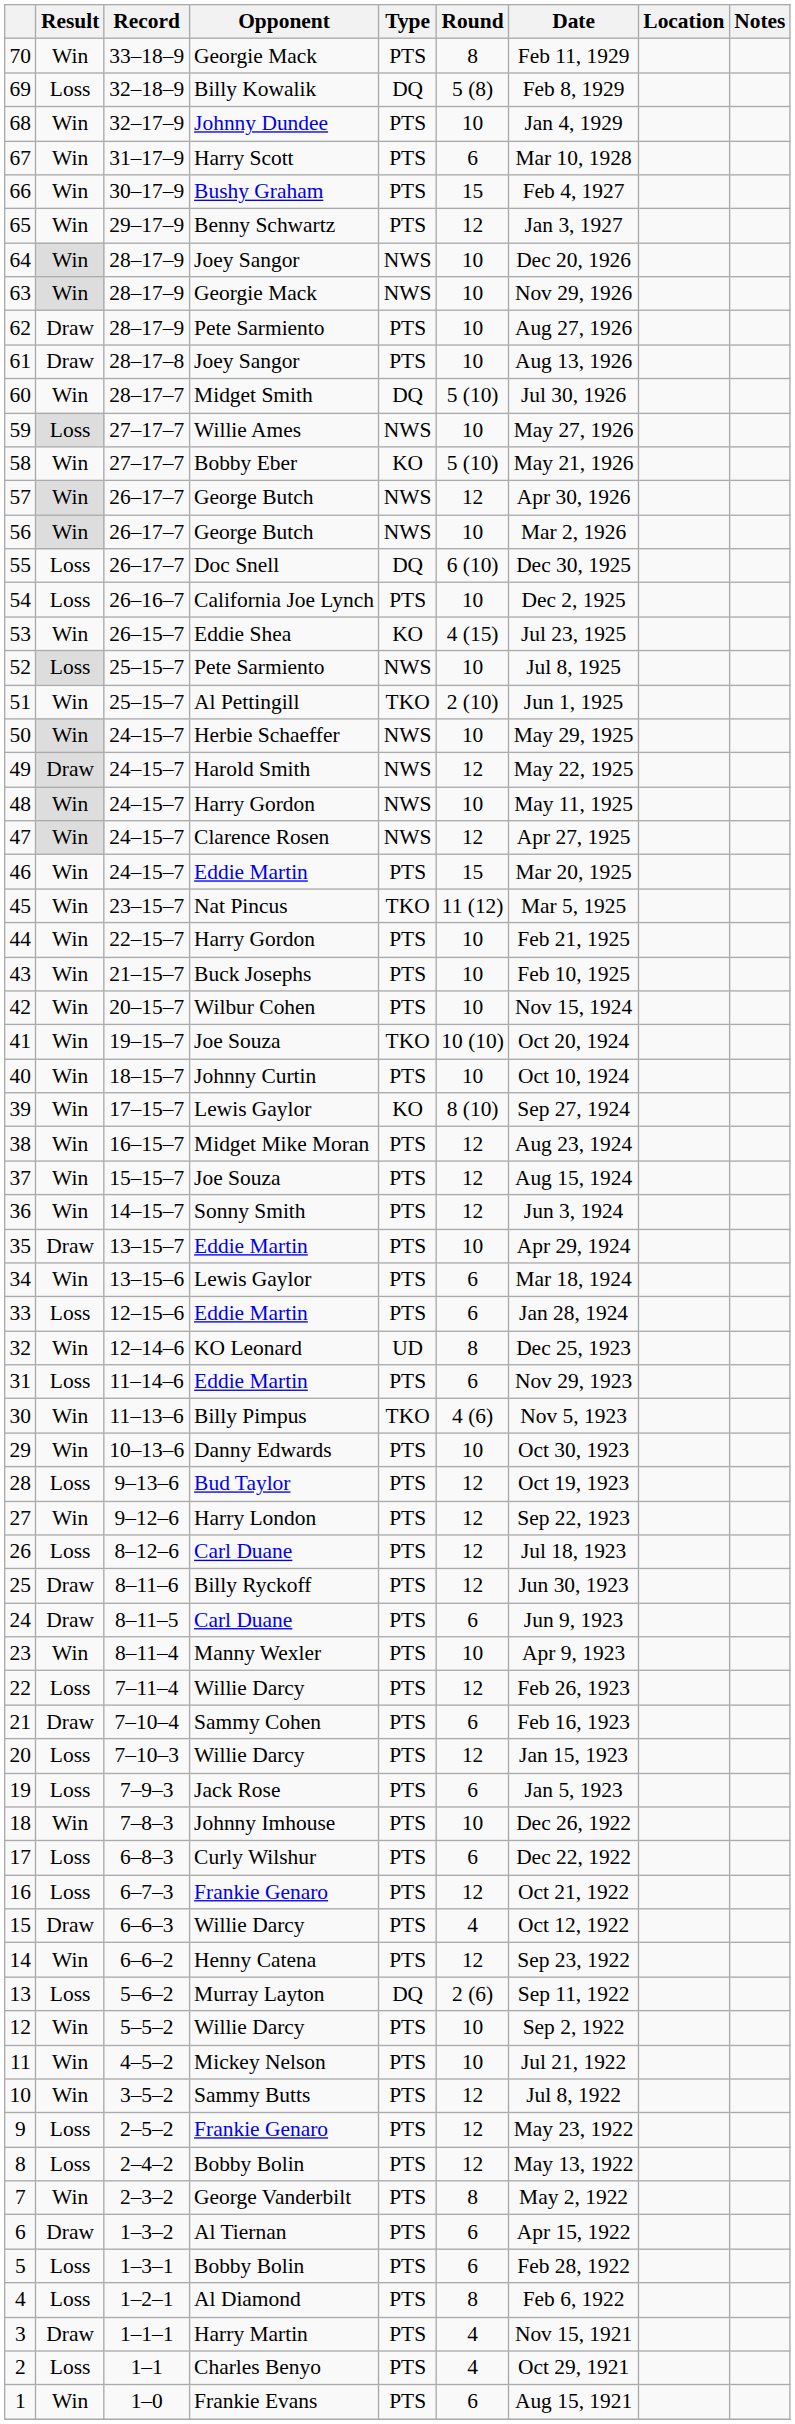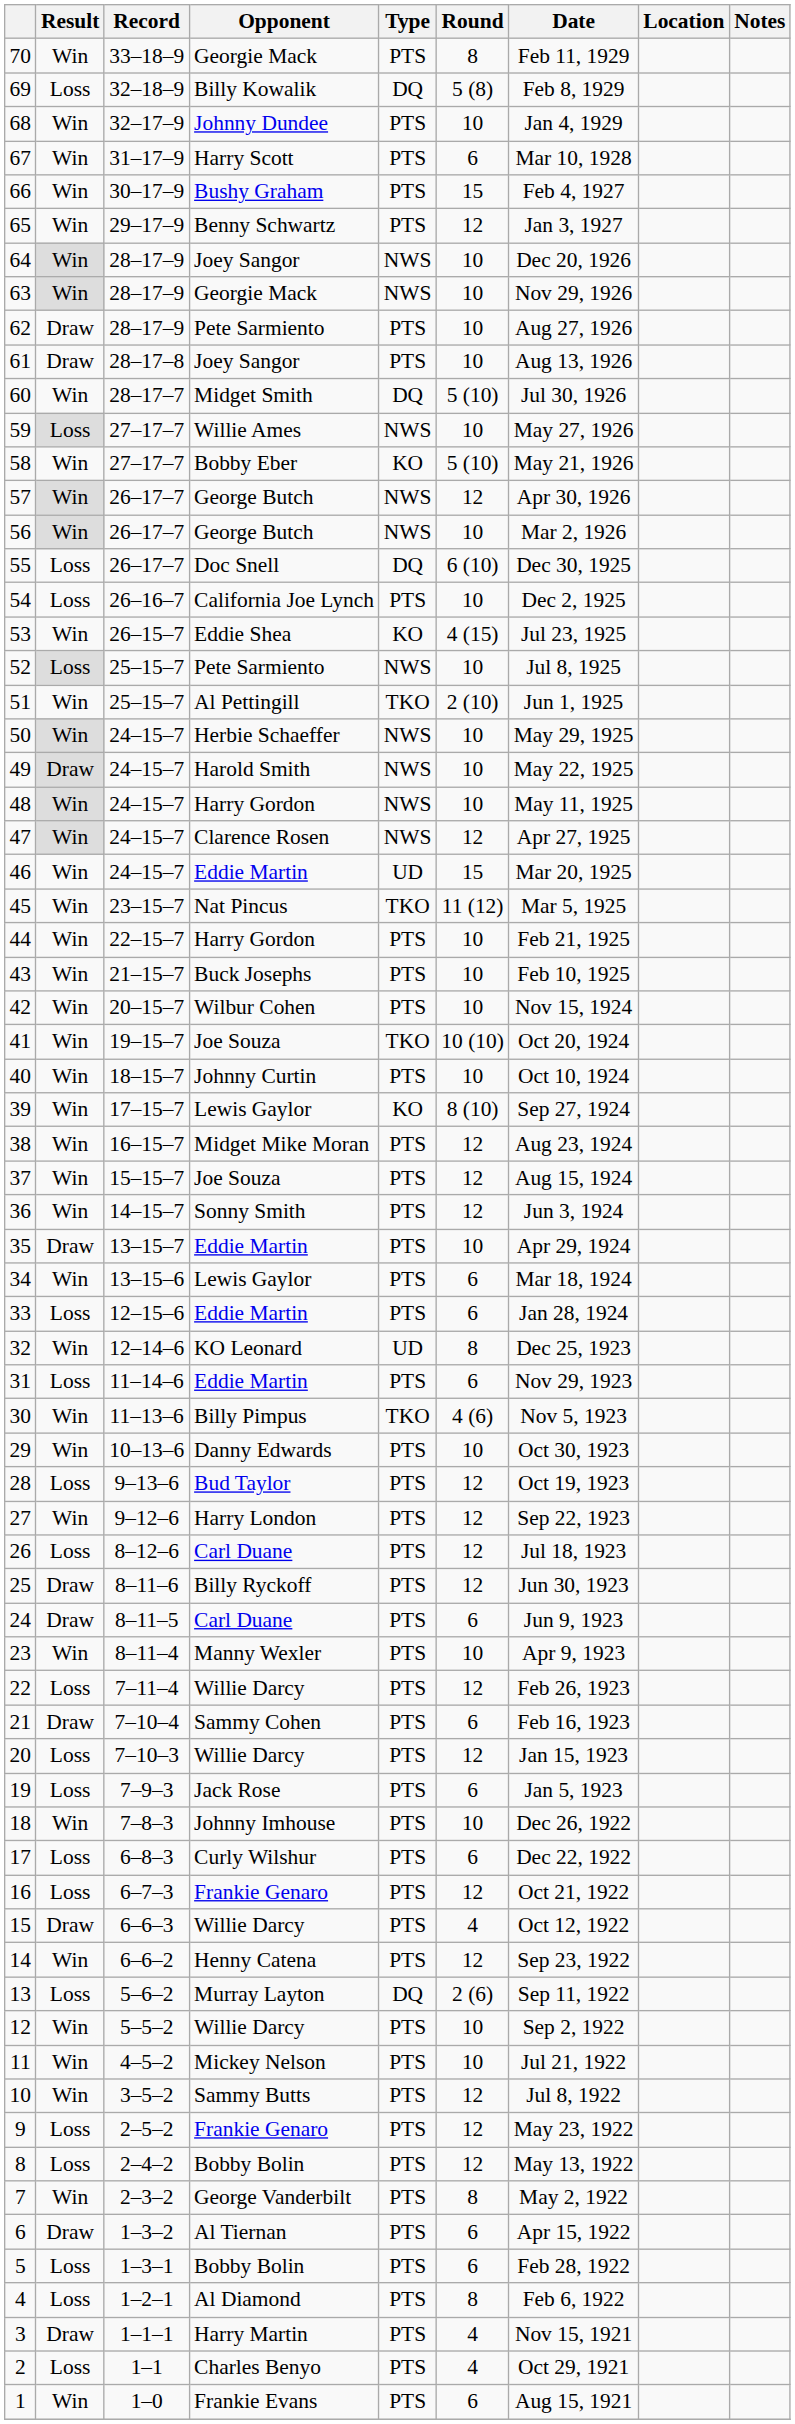 <table class="wikitable mw-collapsible mw-collapsed" style="text-align:center">
 <tr>
 <th></th>
 <th>Result</th>
 <th>Record</th>
 <th>Opponent</th>
 <th>Type</th>
 <th>Round</th>
 <th>Date</th>
 <th>Location</th>
 <th>Notes</th>
 </tr>
 <tr>
 <td>70</td>
 <td>Win</td>
 <td>33–18–9 </td>
 <td align=left>Georgie Mack</td>
 <td>PTS</td>
 <td>8</td>
 <td>Feb 11, 1929</td>
 <td style="text-align:left;"></td>
 <td></td>
 </tr>
 <tr>
 <td>69</td>
 <td>Loss</td>
 <td>32–18–9 </td>
 <td align=left>Billy Kowalik</td>
 <td>DQ</td>
 <td>5 (8)</td>
 <td>Feb 8, 1929</td>
 <td style="text-align:left;"></td>
 <td style="text-align:left;"></td>
 </tr>
 <tr>
 <td>68</td>
 <td>Win</td>
 <td>32–17–9 </td>
 <td align=left><a href='#'>Johnny Dundee</a></td>
 <td>PTS</td>
 <td>10</td>
 <td>Jan 4, 1929</td>
 <td style="text-align:left;"></td>
 <td></td>
 </tr>
 <tr>
 <td>67</td>
 <td>Win</td>
 <td>31–17–9 </td>
 <td align=left>Harry Scott</td>
 <td>PTS</td>
 <td>6</td>
 <td>Mar 10, 1928</td>
 <td style="text-align:left;"></td>
 <td></td>
 </tr>
 <tr>
 <td>66</td>
 <td>Win</td>
 <td>30–17–9 </td>
 <td align=left><a href='#'>Bushy Graham</a></td>
 <td>PTS</td>
 <td>15</td>
 <td>Feb 4, 1927</td>
 <td style="text-align:left;"></td>
 <td style="text-align:left;"></td>
 </tr>
 <tr>
 <td>65</td>
 <td>Win</td>
 <td>29–17–9 </td>
 <td align=left>Benny Schwartz</td>
 <td>PTS</td>
 <td>12</td>
 <td>Jan 3, 1927</td>
 <td style="text-align:left;"></td>
 <td></td>
 </tr>
 <tr>
 <td>64</td>
 <td style="background:#DDD">Win</td>
 <td>28–17–9 </td>
 <td align=left>Joey Sangor</td>
 <td>NWS</td>
 <td>10</td>
 <td>Dec 20, 1926</td>
 <td style="text-align:left;"></td>
 <td></td>
 </tr>
 <tr>
 <td>63</td>
 <td style="background:#DDD">Win</td>
 <td>28–17–9 </td>
 <td align=left>Georgie Mack</td>
 <td>NWS</td>
 <td>10</td>
 <td>Nov 29, 1926</td>
 <td style="text-align:left;"></td>
 <td></td>
 </tr>
 <tr>
 <td>62</td>
 <td>Draw</td>
 <td>28–17–9 </td>
 <td align=left>Pete Sarmiento</td>
 <td>PTS</td>
 <td>10</td>
 <td>Aug 27, 1926</td>
 <td style="text-align:left;"></td>
 <td></td>
 </tr>
 <tr>
 <td>61</td>
 <td>Draw</td>
 <td>28–17–8 </td>
 <td align=left>Joey Sangor</td>
 <td>PTS</td>
 <td>10</td>
 <td>Aug 13, 1926</td>
 <td style="text-align:left;"></td>
 <td></td>
 </tr>
 <tr>
 <td>60</td>
 <td>Win</td>
 <td>28–17–7 </td>
 <td align=left>Midget Smith</td>
 <td>DQ</td>
 <td>5 (10)</td>
 <td>Jul 30, 1926</td>
 <td style="text-align:left;"></td>
 <td></td>
 </tr>
 <tr>
 <td>59</td>
 <td style="background:#DDD">Loss</td>
 <td>27–17–7 </td>
 <td align=left>Willie Ames</td>
 <td>NWS</td>
 <td>10</td>
 <td>May 27, 1926</td>
 <td style="text-align:left;"></td>
 <td></td>
 </tr>
 <tr>
 <td>58</td>
 <td>Win</td>
 <td>27–17–7 </td>
 <td align=left>Bobby Eber</td>
 <td>KO</td>
 <td>5 (10)</td>
 <td>May 21, 1926</td>
 <td style="text-align:left;"></td>
 <td></td>
 </tr>
 <tr>
 <td>57</td>
 <td style="background:#DDD">Win</td>
 <td>26–17–7 </td>
 <td align=left>George Butch</td>
 <td>NWS</td>
 <td>12</td>
 <td>Apr 30, 1926</td>
 <td style="text-align:left;"></td>
 <td></td>
 </tr>
 <tr>
 <td>56</td>
 <td style="background:#DDD">Win</td>
 <td>26–17–7 </td>
 <td align=left>George Butch</td>
 <td>NWS</td>
 <td>10</td>
 <td>Mar 2, 1926</td>
 <td style="text-align:left;"></td>
 <td></td>
 </tr>
 <tr>
 <td>55</td>
 <td>Loss</td>
 <td>26–17–7 </td>
 <td align=left>Doc Snell</td>
 <td>DQ</td>
 <td>6 (10)</td>
 <td>Dec 30, 1925</td>
 <td style="text-align:left;"></td>
 <td></td>
 </tr>
 <tr>
 <td>54</td>
 <td>Loss</td>
 <td>26–16–7 </td>
 <td align=left>California Joe Lynch</td>
 <td>PTS</td>
 <td>10</td>
 <td>Dec 2, 1925</td>
 <td style="text-align:left;"></td>
 <td></td>
 </tr>
 <tr>
 <td>53</td>
 <td>Win</td>
 <td>26–15–7 </td>
 <td align=left>Eddie Shea</td>
 <td>KO</td>
 <td>4 (15)</td>
 <td>Jul 23, 1925</td>
 <td style="text-align:left;"></td>
 <td style="text-align:left;"></td>
 </tr>
 <tr>
 <td>52</td>
 <td style="background:#DDD">Loss</td>
 <td>25–15–7 </td>
 <td align=left>Pete Sarmiento</td>
 <td>NWS</td>
 <td>10</td>
 <td>Jul 8, 1925</td>
 <td style="text-align:left;"></td>
 <td></td>
 </tr>
 <tr>
 <td>51</td>
 <td>Win</td>
 <td>25–15–7 </td>
 <td align=left>Al Pettingill</td>
 <td>TKO</td>
 <td>2 (10)</td>
 <td>Jun 1, 1925</td>
 <td style="text-align:left;"></td>
 <td></td>
 </tr>
 <tr>
 <td>50</td>
 <td style="background:#DDD">Win</td>
 <td>24–15–7 </td>
 <td align=left>Herbie Schaeffer</td>
 <td>NWS</td>
 <td>10</td>
 <td>May 29, 1925</td>
 <td style="text-align:left;"></td>
 <td></td>
 </tr>
 <tr>
 <td>49</td>
 <td style="background:#DDD">Draw</td>
 <td>24–15–7 </td>
 <td align=left>Harold Smith</td>
 <td>NWS</td>
-<td>12</td>
+<td>10</td>
 <td>May 22, 1925</td>
 <td style="text-align:left;"></td>
 <td></td>
 </tr>
 <tr>
 <td>48</td>
 <td style="background:#DDD">Win</td>
 <td>24–15–7 </td>
 <td align=left>Harry Gordon</td>
 <td>NWS</td>
 <td>10</td>
 <td>May 11, 1925</td>
 <td style="text-align:left;"></td>
 <td></td>
 </tr>
 <tr>
 <td>47</td>
 <td style="background:#DDD">Win</td>
 <td>24–15–7 </td>
 <td align=left>Clarence Rosen</td>
 <td>NWS</td>
 <td>12</td>
 <td>Apr 27, 1925</td>
 <td style="text-align:left;"></td>
 <td></td>
 </tr>
 <tr>
 <td>46</td>
 <td>Win</td>
 <td>24–15–7</td>
 <td align=left><a href='#'>Eddie Martin</a></td>
-<td>PTS</td>
+<td>UD</td>
 <td>15</td>
 <td>Mar 20, 1925</td>
 <td style="text-align:left;"></td>
 <td style="text-align:left;"></td>
 </tr>
 <tr>
 <td>45</td>
 <td>Win</td>
 <td>23–15–7</td>
 <td align=left>Nat Pincus</td>
 <td>TKO</td>
 <td>11 (12)</td>
 <td>Mar 5, 1925</td>
 <td style="text-align:left;"></td>
 <td></td>
 </tr>
 <tr>
 <td>44</td>
 <td>Win</td>
 <td>22–15–7</td>
 <td align=left>Harry Gordon</td>
 <td>PTS</td>
 <td>10</td>
 <td>Feb 21, 1925</td>
 <td style="text-align:left;"></td>
 <td></td>
 </tr>
 <tr>
 <td>43</td>
 <td>Win</td>
 <td>21–15–7</td>
 <td align=left>Buck Josephs</td>
 <td>PTS</td>
 <td>10</td>
 <td>Feb 10, 1925</td>
 <td style="text-align:left;"></td>
 <td></td>
 </tr>
 <tr>
 <td>42</td>
 <td>Win</td>
 <td>20–15–7</td>
 <td align=left>Wilbur Cohen</td>
 <td>PTS</td>
 <td>10</td>
 <td>Nov 15, 1924</td>
 <td style="text-align:left;"></td>
 <td></td>
 </tr>
 <tr>
 <td>41</td>
 <td>Win</td>
 <td>19–15–7</td>
 <td align=left>Joe Souza</td>
 <td>TKO</td>
 <td>10 (10)</td>
 <td>Oct 20, 1924</td>
 <td style="text-align:left;"></td>
 <td></td>
 </tr>
 <tr>
 <td>40</td>
 <td>Win</td>
 <td>18–15–7</td>
 <td align=left>Johnny Curtin</td>
 <td>PTS</td>
 <td>10</td>
 <td>Oct 10, 1924</td>
 <td style="text-align:left;"></td>
 <td></td>
 </tr>
 <tr>
 <td>39</td>
 <td>Win</td>
 <td>17–15–7</td>
 <td align=left>Lewis Gaylor</td>
 <td>KO</td>
 <td>8 (10)</td>
 <td>Sep 27, 1924</td>
 <td style="text-align:left;"></td>
 <td></td>
 </tr>
 <tr>
 <td>38</td>
 <td>Win</td>
 <td>16–15–7</td>
 <td align=left>Midget Mike Moran</td>
 <td>PTS</td>
 <td>12</td>
 <td>Aug 23, 1924</td>
 <td style="text-align:left;"></td>
 <td></td>
 </tr>
 <tr>
 <td>37</td>
 <td>Win</td>
 <td>15–15–7</td>
 <td align=left>Joe Souza</td>
 <td>PTS</td>
 <td>12</td>
 <td>Aug 15, 1924</td>
 <td style="text-align:left;"></td>
 <td></td>
 </tr>
 <tr>
 <td>36</td>
 <td>Win</td>
 <td>14–15–7</td>
 <td align=left>Sonny Smith</td>
 <td>PTS</td>
 <td>12</td>
 <td>Jun 3, 1924</td>
 <td style="text-align:left;"></td>
 <td></td>
 </tr>
 <tr>
 <td>35</td>
 <td>Draw</td>
 <td>13–15–7</td>
 <td align=left><a href='#'>Eddie Martin</a></td>
 <td>PTS</td>
 <td>10</td>
 <td>Apr 29, 1924</td>
 <td style="text-align:left;"></td>
 <td></td>
 </tr>
 <tr>
 <td>34</td>
 <td>Win</td>
 <td>13–15–6</td>
 <td align=left>Lewis Gaylor</td>
 <td>PTS</td>
 <td>6</td>
 <td>Mar 18, 1924</td>
 <td style="text-align:left;"></td>
 <td></td>
 </tr>
 <tr>
 <td>33</td>
 <td>Loss</td>
 <td>12–15–6</td>
 <td align=left><a href='#'>Eddie Martin</a></td>
 <td>PTS</td>
 <td>6</td>
 <td>Jan 28, 1924</td>
 <td style="text-align:left;"></td>
 <td></td>
 </tr>
 <tr>
 <td>32</td>
 <td>Win</td>
 <td>12–14–6</td>
 <td align=left>KO Leonard</td>
 <td>UD</td>
 <td>8</td>
 <td>Dec 25, 1923</td>
 <td style="text-align:left;"></td>
 <td></td>
 </tr>
 <tr>
 <td>31</td>
 <td>Loss</td>
 <td>11–14–6</td>
 <td align=left><a href='#'>Eddie Martin</a></td>
 <td>PTS</td>
 <td>6</td>
 <td>Nov 29, 1923</td>
 <td style="text-align:left;"></td>
 <td></td>
 </tr>
 <tr>
 <td>30</td>
 <td>Win</td>
 <td>11–13–6</td>
 <td align=left>Billy Pimpus</td>
 <td>TKO</td>
 <td>4 (6)</td>
 <td>Nov 5, 1923</td>
 <td style="text-align:left;"></td>
 <td></td>
 </tr>
 <tr>
 <td>29</td>
 <td>Win</td>
 <td>10–13–6</td>
 <td align=left>Danny Edwards</td>
 <td>PTS</td>
 <td>10</td>
 <td>Oct 30, 1923</td>
 <td style="text-align:left;"></td>
 <td></td>
 </tr>
 <tr>
 <td>28</td>
 <td>Loss</td>
 <td>9–13–6</td>
 <td align=left><a href='#'>Bud Taylor</a></td>
 <td>PTS</td>
 <td>12</td>
 <td>Oct 19, 1923</td>
 <td style="text-align:left;"></td>
 <td></td>
 </tr>
 <tr>
 <td>27</td>
 <td>Win</td>
 <td>9–12–6</td>
 <td align=left>Harry London</td>
 <td>PTS</td>
 <td>12</td>
 <td>Sep 22, 1923</td>
 <td style="text-align:left;"></td>
 <td></td>
 </tr>
 <tr>
 <td>26</td>
 <td>Loss</td>
 <td>8–12–6</td>
 <td align=left><a href='#'>Carl Duane</a></td>
 <td>PTS</td>
 <td>12</td>
 <td>Jul 18, 1923</td>
 <td style="text-align:left;"></td>
 <td></td>
 </tr>
 <tr>
 <td>25</td>
 <td>Draw</td>
 <td>8–11–6</td>
 <td align=left>Billy Ryckoff</td>
 <td>PTS</td>
 <td>12</td>
 <td>Jun 30, 1923</td>
 <td style="text-align:left;"></td>
 <td></td>
 </tr>
 <tr>
 <td>24</td>
 <td>Draw</td>
 <td>8–11–5</td>
 <td align=left><a href='#'>Carl Duane</a></td>
 <td>PTS</td>
 <td>6</td>
 <td>Jun 9, 1923</td>
 <td style="text-align:left;"></td>
 <td></td>
 </tr>
 <tr>
 <td>23</td>
 <td>Win</td>
 <td>8–11–4</td>
 <td align=left>Manny Wexler</td>
 <td>PTS</td>
 <td>10</td>
 <td>Apr 9, 1923</td>
 <td style="text-align:left;"></td>
 <td></td>
 </tr>
 <tr>
 <td>22</td>
 <td>Loss</td>
 <td>7–11–4</td>
 <td align=left>Willie Darcy</td>
 <td>PTS</td>
 <td>12</td>
 <td>Feb 26, 1923</td>
 <td style="text-align:left;"></td>
 <td></td>
 </tr>
 <tr>
 <td>21</td>
 <td>Draw</td>
 <td>7–10–4</td>
 <td align=left>Sammy Cohen</td>
 <td>PTS</td>
 <td>6</td>
 <td>Feb 16, 1923</td>
 <td style="text-align:left;"></td>
 <td></td>
 </tr>
 <tr>
 <td>20</td>
 <td>Loss</td>
 <td>7–10–3</td>
 <td align=left>Willie Darcy</td>
 <td>PTS</td>
 <td>12</td>
 <td>Jan 15, 1923</td>
 <td style="text-align:left;"></td>
 <td></td>
 </tr>
 <tr>
 <td>19</td>
 <td>Loss</td>
 <td>7–9–3</td>
 <td align=left>Jack Rose</td>
 <td>PTS</td>
 <td>6</td>
 <td>Jan 5, 1923</td>
 <td style="text-align:left;"></td>
 <td></td>
 </tr>
 <tr>
 <td>18</td>
 <td>Win</td>
 <td>7–8–3</td>
 <td align=left>Johnny Imhouse</td>
 <td>PTS</td>
 <td>10</td>
 <td>Dec 26, 1922</td>
 <td style="text-align:left;"></td>
 <td></td>
 </tr>
 <tr>
 <td>17</td>
 <td>Loss</td>
 <td>6–8–3</td>
 <td align=left>Curly Wilshur</td>
 <td>PTS</td>
 <td>6</td>
 <td>Dec 22, 1922</td>
 <td style="text-align:left;"></td>
 <td></td>
 </tr>
 <tr>
 <td>16</td>
 <td>Loss</td>
 <td>6–7–3</td>
 <td align=left><a href='#'>Frankie Genaro</a></td>
 <td>PTS</td>
 <td>12</td>
 <td>Oct 21, 1922</td>
 <td style="text-align:left;"></td>
 <td></td>
 </tr>
 <tr>
 <td>15</td>
 <td>Draw</td>
 <td>6–6–3</td>
 <td align=left>Willie Darcy</td>
 <td>PTS</td>
 <td>4</td>
 <td>Oct 12, 1922</td>
 <td style="text-align:left;"></td>
 <td></td>
 </tr>
 <tr>
 <td>14</td>
 <td>Win</td>
 <td>6–6–2</td>
 <td align=left>Henny Catena</td>
 <td>PTS</td>
 <td>12</td>
 <td>Sep 23, 1922</td>
 <td style="text-align:left;"></td>
 <td></td>
 </tr>
 <tr>
 <td>13</td>
 <td>Loss</td>
 <td>5–6–2</td>
 <td align=left>Murray Layton</td>
 <td>DQ</td>
 <td>2 (6)</td>
 <td>Sep 11, 1922</td>
 <td style="text-align:left;"></td>
 <td></td>
 </tr>
 <tr>
 <td>12</td>
 <td>Win</td>
 <td>5–5–2</td>
 <td align=left>Willie Darcy</td>
 <td>PTS</td>
 <td>10</td>
 <td>Sep 2, 1922</td>
 <td style="text-align:left;"></td>
 <td></td>
 </tr>
 <tr>
 <td>11</td>
 <td>Win</td>
 <td>4–5–2</td>
 <td align=left>Mickey Nelson</td>
 <td>PTS</td>
 <td>10</td>
 <td>Jul 21, 1922</td>
 <td style="text-align:left;"></td>
 <td></td>
 </tr>
 <tr>
 <td>10</td>
 <td>Win</td>
 <td>3–5–2</td>
 <td align=left>Sammy Butts</td>
 <td>PTS</td>
 <td>12</td>
 <td>Jul 8, 1922</td>
 <td style="text-align:left;"></td>
 <td></td>
 </tr>
 <tr>
 <td>9</td>
 <td>Loss</td>
 <td>2–5–2</td>
 <td align=left><a href='#'>Frankie Genaro</a></td>
 <td>PTS</td>
 <td>12</td>
 <td>May 23, 1922</td>
 <td style="text-align:left;"></td>
 <td></td>
 </tr>
 <tr>
 <td>8</td>
 <td>Loss</td>
 <td>2–4–2</td>
 <td align=left>Bobby Bolin</td>
 <td>PTS</td>
 <td>12</td>
 <td>May 13, 1922</td>
 <td style="text-align:left;"></td>
 <td></td>
 </tr>
 <tr>
 <td>7</td>
 <td>Win</td>
 <td>2–3–2</td>
 <td align=left>George Vanderbilt</td>
 <td>PTS</td>
 <td>8</td>
 <td>May 2, 1922</td>
 <td style="text-align:left;"></td>
 <td></td>
 </tr>
 <tr>
 <td>6</td>
 <td>Draw</td>
 <td>1–3–2</td>
 <td align=left>Al Tiernan</td>
 <td>PTS</td>
 <td>6</td>
 <td>Apr 15, 1922</td>
 <td style="text-align:left;"></td>
 <td></td>
 </tr>
 <tr>
 <td>5</td>
 <td>Loss</td>
 <td>1–3–1</td>
 <td align=left>Bobby Bolin</td>
 <td>PTS</td>
 <td>6</td>
 <td>Feb 28, 1922</td>
 <td style="text-align:left;"></td>
 <td></td>
 </tr>
 <tr>
 <td>4</td>
 <td>Loss</td>
 <td>1–2–1</td>
 <td align=left>Al Diamond</td>
 <td>PTS</td>
 <td>8</td>
 <td>Feb 6, 1922</td>
 <td style="text-align:left;"></td>
 <td></td>
 </tr>
 <tr>
 <td>3</td>
 <td>Draw</td>
 <td>1–1–1</td>
 <td align=left>Harry Martin</td>
 <td>PTS</td>
 <td>4</td>
 <td>Nov 15, 1921</td>
 <td style="text-align:left;"></td>
 <td style="text-align:left;"></td>
 </tr>
 <tr>
 <td>2</td>
 <td>Loss</td>
 <td>1–1</td>
 <td align=left>Charles Benyo</td>
 <td>PTS</td>
 <td>4</td>
 <td>Oct 29, 1921</td>
 <td style="text-align:left;"></td>
 <td></td>
 </tr>
 <tr>
 <td>1</td>
 <td>Win</td>
 <td>1–0</td>
 <td align=left>Frankie Evans</td>
 <td>PTS</td>
 <td>6</td>
 <td>Aug 15, 1921</td>
 <td style="text-align:left;"></td>
 <td></td>
 </tr>
 <tr>
 </tr>
 </table>
